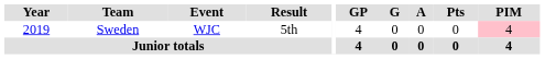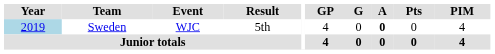 <table border="0" cellpadding="1" cellspacing="0" ID="Table3" style="text-align:center; width:40em">
 <tr ALIGN="center" bgcolor="#e0e0e0">
 <th>Year</th>
 <th>Team</th>
 <th>Event</th>
 <th>Result</th>
 <th rowspan="99" bgcolor="#ffffff"></th>
 <th>GP</th>
 <th>G</th>
 <th>A</th>
 <th>Pts</th>
 <th>PIM</th>
 </tr>
 <tr>
-<td><a href='#'>2019</a></td>
+<td style="background: lightblue;"><a href='#'>2019</a></td>
 <td><a href='#'>Sweden</a></td>
 <td><a href='#'>WJC</a></td>
 <td>5th</td>
 <td>4</td>
 <td>0</td>
+<td><strong>0</strong></td>
 <td>0</td>
-<td>0</td>
-<td style="background: pink;">4</td>
+<td>4</td>
 </tr>
 <tr bgcolor="#e0e0e0">
 <th colspan="4">Junior totals</th>
 <th>4</th>
 <th>0</th>
 <th>0</th>
 <th>0</th>
 <th>4</th>
 </tr>
 </table>
